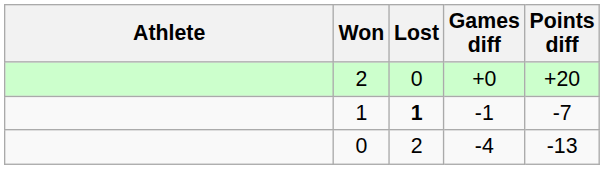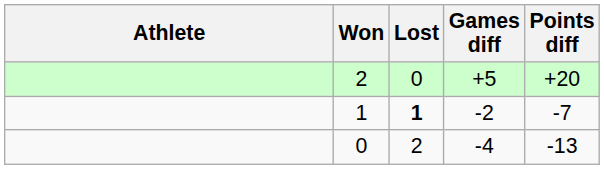 <table class="wikitable">
 <tr>
 <th style="width:15em">Athlete</th>
 <th>Won</th>
 <th>Lost</th>
 <th>Games<br>diff</th>
 <th>Points<br>diff</th>
 </tr>
 <tr bgcolor="#ccffcc">
 <td></td>
 <td align="center">2</td>
 <td align="center">0</td>
-<td align="center">+0</td>
+<td align="center">+5</td>
 <td align="center">+20</td>
 </tr>
 <tr>
 <td></td>
 <td align="center">1</td>
 <td align="center"><strong>1</strong></td>
-<td align="center">-1</td>
+<td align="center">-2</td>
 <td align="center">-7</td>
 </tr>
 <tr>
 <td></td>
 <td align="center">0</td>
 <td align="center">2</td>
 <td align="center">-4</td>
 <td align="center">-13</td>
 </tr>
 </table>
